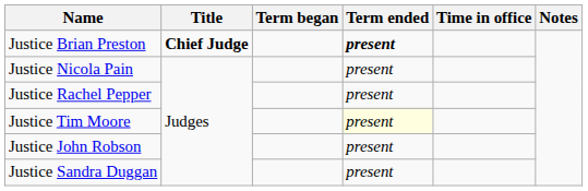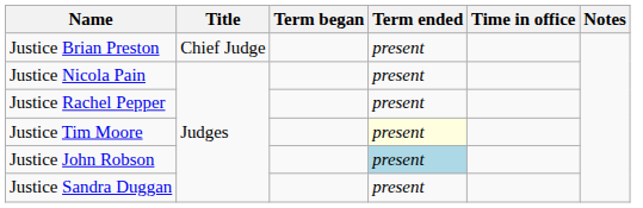 <table class="wikitable sortable">
 <tr>
 <th>Name</th>
 <th>Title</th>
 <th>Term began</th>
 <th>Term ended</th>
 <th>Time in office</th>
 <th>Notes</th>
 </tr>
 <tr>
 <td>Justice <a href='#'>Brian Preston</a></td>
-<td><strong>Chief Judge</strong></td>
+<td>Chief Judge</td>
 <td></td>
-<td><strong><em>present</em></strong></td>
+<td><em>present</em></td>
 <td align=right></td>
 <td rowspan=6></td>
 </tr>
 <tr>
 <td>Justice <a href='#'>Nicola Pain</a></td>
 <td rowspan=5>Judges</td>
 <td></td>
 <td><em>present</em></td>
 <td align=right></td>
 </tr>
 <tr>
 <td>Justice <a href='#'>Rachel Pepper</a></td>
 <td></td>
 <td><em>present</em></td>
 <td align=right></td>
 </tr>
 <tr>
 <td>Justice <a href='#'>Tim Moore</a></td>
 <td></td>
 <td style="background: lightyellow;"><em>present</em></td>
 <td align=right></td>
 </tr>
 <tr>
 <td>Justice <a href='#'>John Robson</a></td>
 <td></td>
-<td><em>present</em></td>
+<td style="background: lightblue;"><em>present</em></td>
 <td align=right></td>
 </tr>
 <tr>
 <td>Justice <a href='#'>Sandra Duggan</a></td>
 <td></td>
 <td><em>present</em></td>
 <td align=right></td>
 </tr>
 </table>
